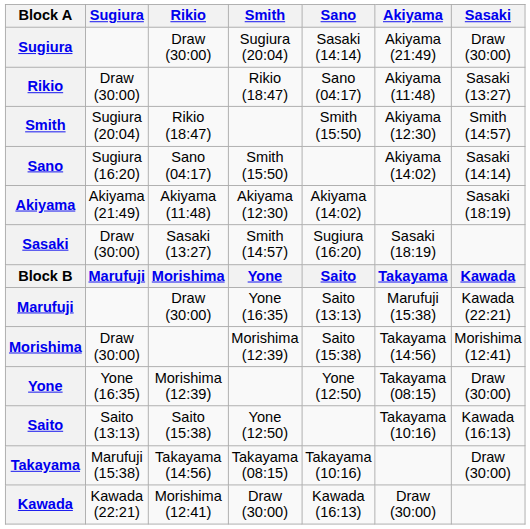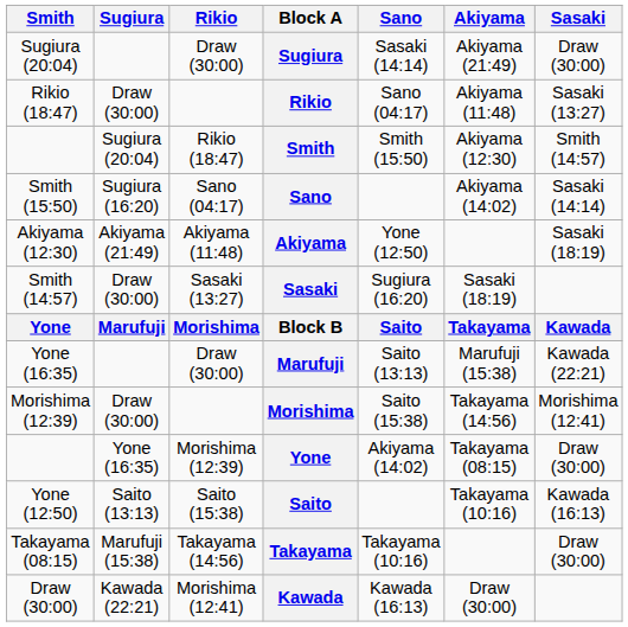 <table class="wikitable" style="margin: 1em auto 1em auto;text-align:center">
 <tr>
-<th>Block A</th>
+<th><a href='#'>Smith</a></th>
 <th><a href='#'>Sugiura</a></th>
 <th><a href='#'>Rikio</a></th>
-<th><a href='#'>Smith</a></th>
+<th>Block A</th>
 <th><a href='#'>Sano</a></th>
 <th><a href='#'>Akiyama</a></th>
 <th><a href='#'>Sasaki</a></th>
 </tr>
 <tr>
-<th><a href='#'>Sugiura</a></th>
+<td>Sugiura<br>(20:04)</td>
 <td></td>
 <td>Draw<br>(30:00)</td>
-<td>Sugiura<br>(20:04)</td>
+<th><a href='#'>Sugiura</a></th>
 <td>Sasaki<br>(14:14)</td>
 <td>Akiyama<br>(21:49)</td>
 <td>Draw<br>(30:00)</td>
 </tr>
 <tr>
-<th><a href='#'>Rikio</a></th>
+<td>Rikio<br>(18:47)</td>
 <td>Draw<br>(30:00)</td>
 <td></td>
-<td>Rikio<br>(18:47)</td>
+<th><a href='#'>Rikio</a></th>
 <td>Sano<br>(04:17)</td>
 <td>Akiyama<br>(11:48)</td>
 <td>Sasaki<br>(13:27)</td>
 </tr>
 <tr>
-<th><a href='#'>Smith</a></th>
+<td></td>
 <td>Sugiura<br>(20:04)</td>
 <td>Rikio<br>(18:47)</td>
-<td></td>
+<th><a href='#'>Smith</a></th>
 <td>Smith<br>(15:50)</td>
 <td>Akiyama<br>(12:30)</td>
 <td>Smith<br>(14:57)</td>
 </tr>
 <tr>
-<th><a href='#'>Sano</a></th>
+<td>Smith<br>(15:50)</td>
 <td>Sugiura<br>(16:20)</td>
 <td>Sano<br>(04:17)</td>
-<td>Smith<br>(15:50)</td>
+<th><a href='#'>Sano</a></th>
 <td></td>
 <td>Akiyama<br>(14:02)</td>
 <td>Sasaki<br>(14:14)</td>
 </tr>
 <tr>
-<th><a href='#'>Akiyama</a></th>
+<td>Akiyama<br>(12:30)</td>
 <td>Akiyama<br>(21:49)</td>
 <td>Akiyama<br>(11:48)</td>
-<td>Akiyama<br>(12:30)</td>
-<td>Akiyama<br>(14:02)</td>
+<th><a href='#'>Akiyama</a></th>
+<td>Yone<br>(12:50)</td>
 <td></td>
 <td>Sasaki<br>(18:19)</td>
 </tr>
 <tr>
-<th><a href='#'>Sasaki</a></th>
+<td>Smith<br>(14:57)</td>
 <td>Draw<br>(30:00)</td>
 <td>Sasaki<br>(13:27)</td>
-<td>Smith<br>(14:57)</td>
+<th><a href='#'>Sasaki</a></th>
 <td>Sugiura<br>(16:20)</td>
 <td>Sasaki<br>(18:19)</td>
 <td></td>
 </tr>
 <tr>
-<th>Block B</th>
+<th><a href='#'>Yone</a></th>
 <th><a href='#'>Marufuji</a></th>
 <th><a href='#'>Morishima</a></th>
-<th><a href='#'>Yone</a></th>
+<th>Block B</th>
 <th><a href='#'>Saito</a></th>
 <th><a href='#'>Takayama</a></th>
 <th><a href='#'>Kawada</a></th>
 </tr>
 <tr>
-<th><a href='#'>Marufuji</a></th>
+<td>Yone<br>(16:35)</td>
 <td></td>
 <td>Draw<br>(30:00)</td>
-<td>Yone<br>(16:35)</td>
+<th><a href='#'>Marufuji</a></th>
 <td>Saito<br>(13:13)</td>
 <td>Marufuji<br>(15:38)</td>
 <td>Kawada<br>(22:21)</td>
 </tr>
 <tr>
-<th><a href='#'>Morishima</a></th>
+<td>Morishima<br>(12:39)</td>
 <td>Draw<br>(30:00)</td>
 <td></td>
-<td>Morishima<br>(12:39)</td>
+<th><a href='#'>Morishima</a></th>
 <td>Saito<br>(15:38)</td>
 <td>Takayama<br>(14:56)</td>
 <td>Morishima<br>(12:41)</td>
 </tr>
 <tr>
-<th><a href='#'>Yone</a></th>
+<td></td>
 <td>Yone<br>(16:35)</td>
 <td>Morishima<br>(12:39)</td>
-<td></td>
-<td>Yone<br>(12:50)</td>
+<th><a href='#'>Yone</a></th>
+<td>Akiyama<br>(14:02)</td>
 <td>Takayama<br>(08:15)</td>
 <td>Draw<br>(30:00)</td>
 </tr>
 <tr>
-<th><a href='#'>Saito</a></th>
+<td>Yone<br>(12:50)</td>
 <td>Saito<br>(13:13)</td>
 <td>Saito<br>(15:38)</td>
-<td>Yone<br>(12:50)</td>
+<th><a href='#'>Saito</a></th>
 <td></td>
 <td>Takayama<br>(10:16)</td>
 <td>Kawada<br>(16:13)</td>
 </tr>
 <tr>
-<th><a href='#'>Takayama</a></th>
+<td>Takayama<br>(08:15)</td>
 <td>Marufuji<br>(15:38)</td>
 <td>Takayama<br>(14:56)</td>
-<td>Takayama<br>(08:15)</td>
+<th><a href='#'>Takayama</a></th>
 <td>Takayama<br>(10:16)</td>
 <td></td>
 <td>Draw<br>(30:00)</td>
 </tr>
 <tr>
-<th><a href='#'>Kawada</a></th>
+<td>Draw<br>(30:00)</td>
 <td>Kawada<br>(22:21)</td>
 <td>Morishima<br>(12:41)</td>
-<td>Draw<br>(30:00)</td>
+<th><a href='#'>Kawada</a></th>
 <td>Kawada<br>(16:13)</td>
 <td>Draw<br>(30:00)</td>
 <td></td>
 </tr>
 </table>
